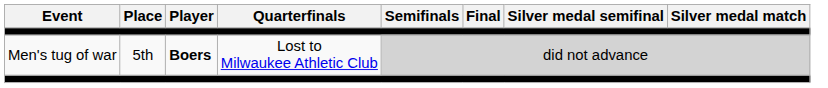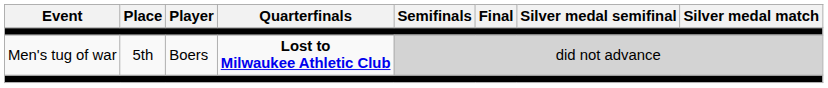 <table class=wikitable style="text-align:center">
 <tr>
 <th>Event</th>
 <th>Place</th>
 <th>Player</th>
 <th>Quarterfinals</th>
 <th>Semifinals</th>
 <th>Final</th>
 <th>Silver medal semifinal</th>
 <th>Silver medal match</th>
 </tr>
 <tr bgcolor=black>
 <td colspan=8></td>
 </tr>
 <tr>
 <td>Men's tug of war</td>
 <td>5th</td>
-<td align=left><strong>Boers</strong></td>
-<td>Lost to <br> <a href='#'>Milwaukee Athletic Club</a></td>
+<td align=left>Boers</td>
+<td><strong>Lost to <br> <a href='#'>Milwaukee Athletic Club</a></strong></td>
 <td bgcolor=lightgray colspan=4>did not advance</td>
 </tr>
 <tr bgcolor=black>
 <td colspan=8></td>
 </tr>
 </table>
